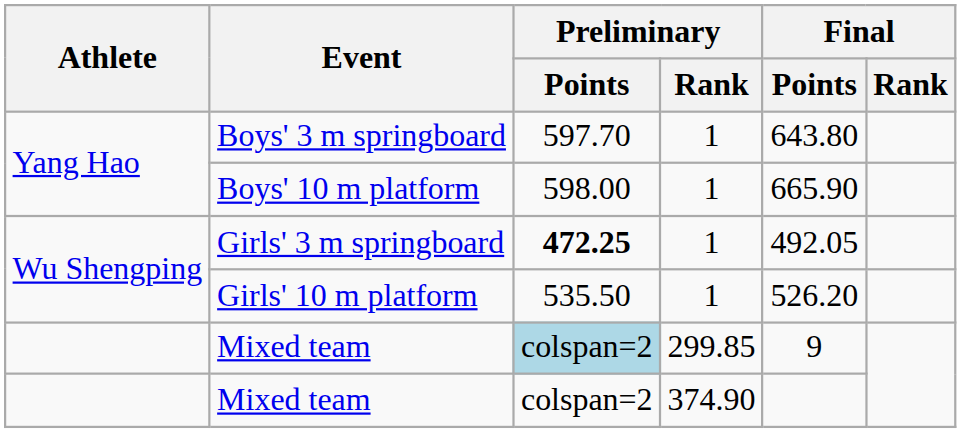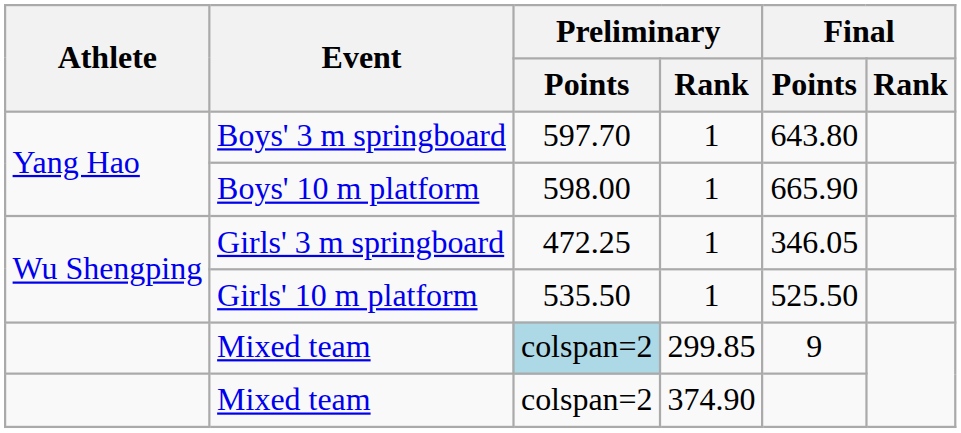 <table class="wikitable" style="font-size:90%;">
 <tr>
 <th rowspan=2>Athlete</th>
 <th rowspan=2>Event</th>
 <th colspan=2>Preliminary</th>
 <th colspan=2>Final</th>
 </tr>
 <tr>
 <th>Points</th>
 <th>Rank</th>
 <th>Points</th>
 <th>Rank</th>
 </tr>
 <tr align=center>
 <td align=left rowspan=2><a href='#'>Yang Hao</a></td>
 <td align=left><a href='#'>Boys' 3 m springboard</a></td>
 <td>597.70</td>
 <td>1</td>
 <td>643.80</td>
 <td></td>
 </tr>
 <tr align=center>
 <td align=left><a href='#'>Boys' 10 m platform</a></td>
 <td>598.00</td>
 <td>1</td>
 <td>665.90</td>
 <td></td>
 </tr>
 <tr align=center>
 <td align=left rowspan=2><a href='#'>Wu Shengping</a></td>
 <td align=left><a href='#'>Girls' 3 m springboard</a></td>
-<td><strong>472.25</strong></td>
+<td>472.25</td>
 <td>1</td>
-<td>492.05</td>
+<td>346.05</td>
 <td></td>
 </tr>
 <tr align=center>
 <td align=left><a href='#'>Girls' 10 m platform</a></td>
 <td>535.50</td>
 <td>1</td>
-<td>526.20</td>
+<td>525.50</td>
 <td></td>
 </tr>
 <tr align=center>
 <td align=left><br></td>
 <td align=left><a href='#'>Mixed team</a></td>
 <td style="background: lightblue;">colspan=2 </td>
 <td>299.85</td>
 <td>9</td>
 </tr>
 <tr align=center>
 <td align=left><br></td>
 <td align=left><a href='#'>Mixed team</a></td>
 <td>colspan=2 </td>
 <td>374.90</td>
 <td></td>
 </tr>
 </table>
